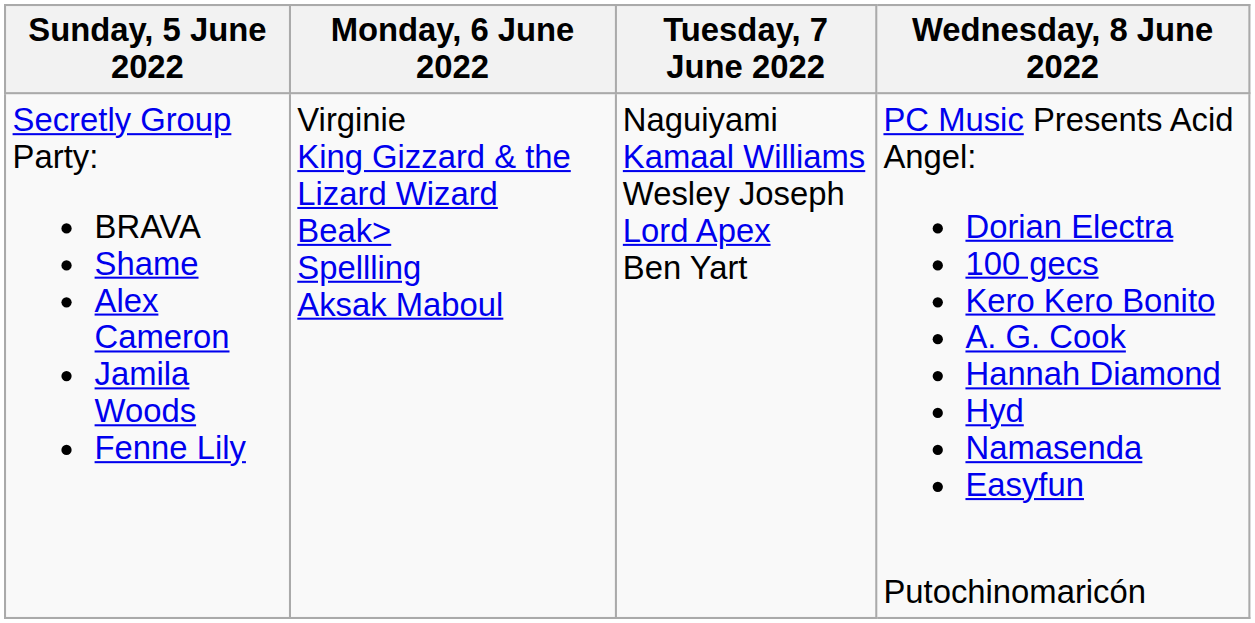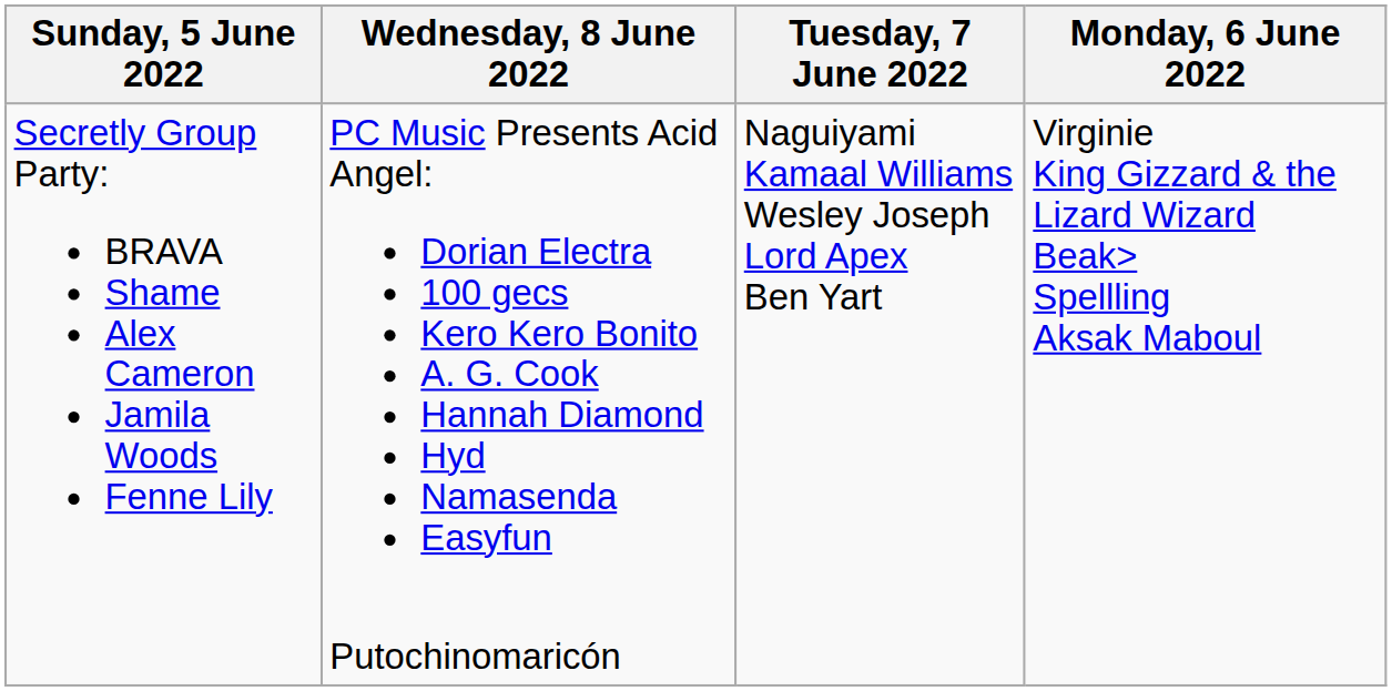 <table class="wikitable">
 <tr>
 <th>Sunday, 5 June 2022</th>
+<th>Wednesday, 8 June 2022</th>
+<th>Tuesday, 7 June 2022</th>
 <th>Monday, 6 June 2022</th>
-<th>Tuesday, 7 June 2022</th>
-<th>Wednesday, 8 June 2022</th>
 </tr>
 <tr valign="top">
 <td><a href='#'>Secretly Group</a> Party:<br><ul><li>BRAVA</li><li><a href='#'>Shame</a></li><li><a href='#'>Alex Cameron</a></li><li><a href='#'>Jamila Woods</a></li><li><a href='#'>Fenne Lily</a></li></ul></td>
+<td><a href='#'>PC Music</a> Presents Acid Angel:<br><ul><li><a href='#'>Dorian Electra</a></li><li><a href='#'>100 gecs</a></li><li><a href='#'>Kero Kero Bonito</a></li><li><a href='#'>A. G. Cook</a></li><li><a href='#'>Hannah Diamond</a></li><li><a href='#'>Hyd</a></li><li><a href='#'>Namasenda</a></li><li><a href='#'>Easyfun</a></li></ul><br>Putochinomaricón</td>
+<td>Naguiyami<br><a href='#'>Kamaal Williams</a><br>Wesley Joseph<br><a href='#'>Lord Apex</a><br>Ben Yart</td>
 <td>Virginie<br><a href='#'>King Gizzard & the Lizard Wizard</a><br><a href='#'>Beak></a><br><a href='#'>Spellling</a><br><a href='#'>Aksak Maboul</a></td>
-<td>Naguiyami<br><a href='#'>Kamaal Williams</a><br>Wesley Joseph<br><a href='#'>Lord Apex</a><br>Ben Yart</td>
-<td><a href='#'>PC Music</a> Presents Acid Angel:<br><ul><li><a href='#'>Dorian Electra</a></li><li><a href='#'>100 gecs</a></li><li><a href='#'>Kero Kero Bonito</a></li><li><a href='#'>A. G. Cook</a></li><li><a href='#'>Hannah Diamond</a></li><li><a href='#'>Hyd</a></li><li><a href='#'>Namasenda</a></li><li><a href='#'>Easyfun</a></li></ul><br>Putochinomaricón</td>
 </tr>
 </table>
